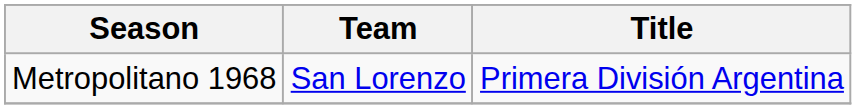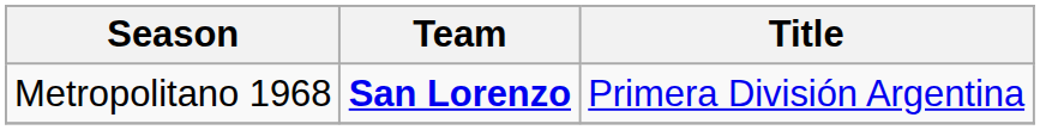 <table class="wikitable">
 <tr>
 <th>Season</th>
 <th>Team</th>
 <th>Title</th>
 </tr>
 <tr>
 <td>Metropolitano 1968</td>
-<td><a href='#'>San Lorenzo</a></td>
+<td><strong><a href='#'>San Lorenzo</a></strong></td>
 <td><a href='#'>Primera División Argentina</a></td>
 </tr>
 <tr>
 </tr>
 </table>
